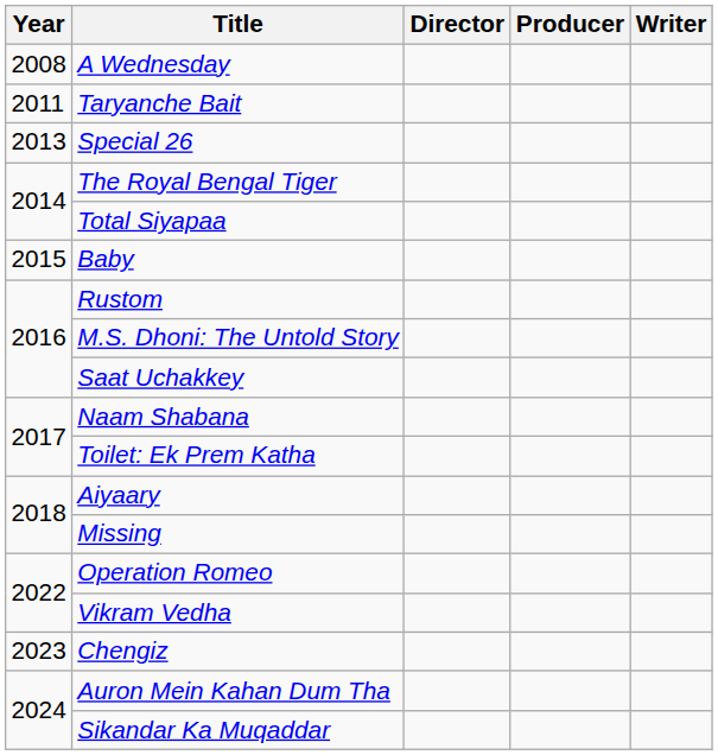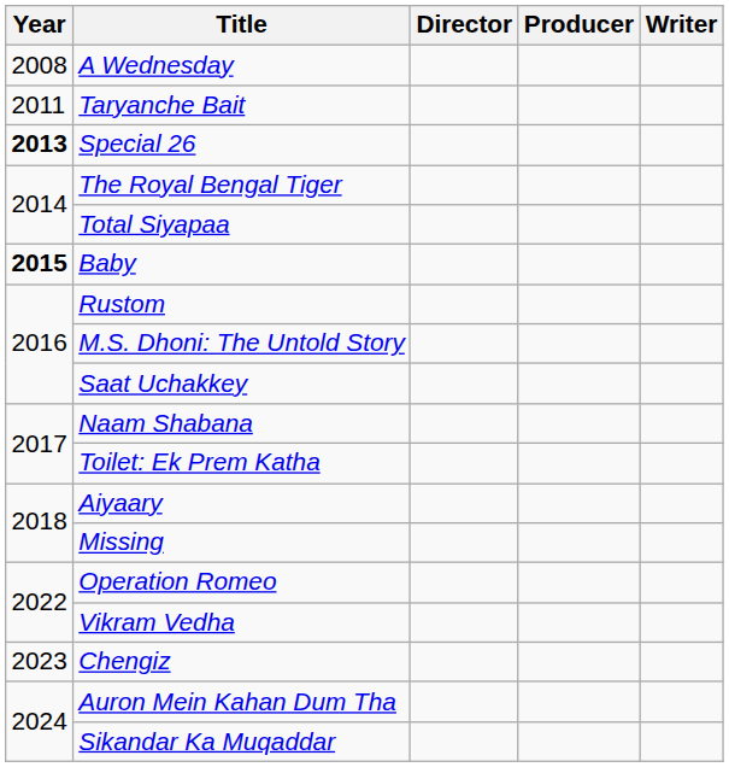 <table class="wikitable sortable">
 <tr>
 <th scope="col">Year</th>
 <th scope="col">Title</th>
 <th scope="col">Director</th>
 <th scope="col">Producer</th>
 <th scope="col">Writer</th>
 </tr>
 <tr>
 <td>2008</td>
 <td><em><a href='#'>A Wednesday</a></em></td>
 <td></td>
 <td></td>
 <td></td>
 </tr>
 <tr>
 <td>2011</td>
 <td scope="row"><em><a href='#'>Taryanche Bait</a></em></td>
 <td></td>
 <td></td>
 <td></td>
 </tr>
 <tr>
-<td>2013</td>
+<td><strong>2013</strong></td>
 <td scope="row"><em><a href='#'>Special 26</a></em></td>
 <td></td>
 <td></td>
 <td></td>
 </tr>
 <tr>
 <td rowspan="2">2014</td>
 <td scope="row"><em><a href='#'>The Royal Bengal Tiger</a></em></td>
 <td></td>
 <td></td>
 <td></td>
 </tr>
 <tr>
 <td scope="row"><em><a href='#'>Total Siyapaa</a></em></td>
 <td></td>
 <td></td>
 <td></td>
 </tr>
 <tr>
-<td>2015</td>
+<td><strong>2015</strong></td>
 <td scope="row"><em><a href='#'>Baby</a></em></td>
 <td></td>
 <td></td>
 <td></td>
 </tr>
 <tr>
 <td rowspan="3">2016</td>
 <td scope="row"><em><a href='#'>Rustom</a></em></td>
 <td></td>
 <td></td>
 <td></td>
 </tr>
 <tr>
 <td scope="row"><em><a href='#'>M.S. Dhoni: The Untold Story</a></em></td>
 <td></td>
 <td></td>
 <td></td>
 </tr>
 <tr>
 <td scope="row"><em><a href='#'>Saat Uchakkey</a></em></td>
 <td></td>
 <td></td>
 <td></td>
 </tr>
 <tr>
 <td rowspan="2">2017</td>
 <td scope="row"><em><a href='#'>Naam Shabana</a></em></td>
 <td></td>
 <td></td>
 <td></td>
 </tr>
 <tr>
 <td scope="row"><em><a href='#'>Toilet: Ek Prem Katha</a></em></td>
 <td></td>
 <td></td>
 <td></td>
 </tr>
 <tr>
 <td rowspan="2">2018</td>
 <td scope="row"><em><a href='#'>Aiyaary</a></em></td>
 <td></td>
 <td></td>
 <td></td>
 </tr>
 <tr>
 <td scope="row"><em><a href='#'>Missing</a></em></td>
 <td></td>
 <td></td>
 <td></td>
 </tr>
 <tr>
 <td rowspan="2">2022</td>
 <td scope="row"><em><a href='#'>Operation Romeo</a></em></td>
 <td></td>
 <td></td>
 <td></td>
 </tr>
 <tr>
 <td scope="row"><em><a href='#'>Vikram Vedha</a></em></td>
 <td></td>
 <td></td>
 <td></td>
 </tr>
 <tr>
 <td>2023</td>
 <td><em><a href='#'>Chengiz</a></em></td>
 <td></td>
 <td></td>
 <td></td>
 </tr>
 <tr>
 <td rowspan="2">2024</td>
 <td><em><a href='#'>Auron Mein Kahan Dum Tha</a></em></td>
 <td></td>
 <td></td>
 <td></td>
 </tr>
 <tr>
 <td><em><a href='#'>Sikandar Ka Muqaddar</a></em></td>
 <td></td>
 <td></td>
 <td></td>
 </tr>
 </table>
